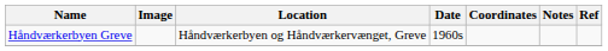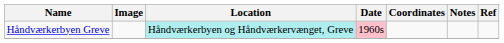 <table class="wikitable sortable">
 <tr>
 <th>Name</th>
 <th>Image</th>
 <th>Location</th>
 <th>Date</th>
 <th>Coordinates</th>
 <th>Notes</th>
 <th>Ref</th>
 </tr>
 <tr>
 <td><a href='#'>Håndværkerbyen Greve</a></td>
 <td></td>
-<td>Håndværkerbyen og Håndværkervænget, Greve</td>
-<td>1960s</td>
+<td style="background: paleturquoise;">Håndværkerbyen og Håndværkervænget, Greve</td>
+<td style="background: pink;">1960s</td>
 <td></td>
 <td></td>
 <td></td>
 </tr>
 <tr>
 </tr>
 </table>
